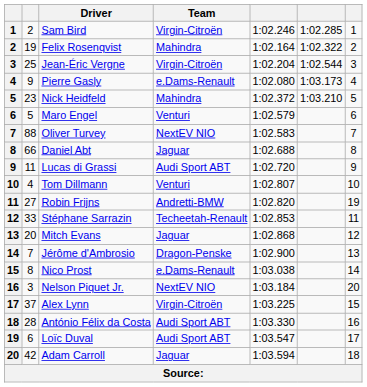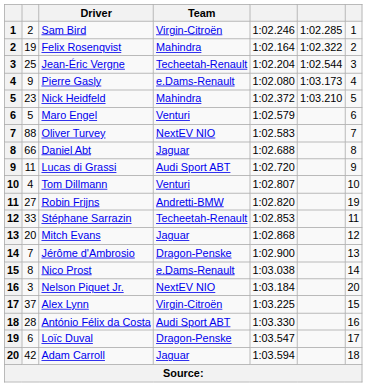 <table class="wikitable sortable" style="font-size: 85%">
 <tr>
 <th scope="col"></th>
 <th scope="col"></th>
 <th scope="col">Driver</th>
 <th scope="col">Team</th>
 <th scope="col"></th>
 <th scope="col"></th>
 <th scope="col"></th>
 </tr>
 <tr>
 <th scope="row">1</th>
 <td align="center">2</td>
 <td data-sort-value="BIR"> <a href='#'>Sam Bird</a></td>
 <td><a href='#'>Virgin-Citroën</a></td>
 <td>1:02.246</td>
 <td>1:02.285</td>
 <td align="center">1</td>
 </tr>
 <tr>
 <th scope="row">2</th>
 <td align="center">19</td>
 <td data-sort-value="ROS"> <a href='#'>Felix Rosenqvist</a></td>
 <td><a href='#'>Mahindra</a></td>
 <td>1:02.164</td>
 <td>1:02.322</td>
 <td align="center">2</td>
 </tr>
 <tr>
 <th scope="row">3</th>
 <td align="center">25</td>
 <td data-sort-value="VER"> <a href='#'>Jean-Éric Vergne</a></td>
-<td><a href='#'>Virgin-Citroën</a></td>
+<td><a href='#'>Techeetah-Renault</a></td>
 <td>1:02.204</td>
 <td>1:02.544</td>
 <td align="center">3</td>
 </tr>
 <tr>
 <th scope="row">4</th>
 <td align="center">9</td>
 <td data-sort-value="GAS"> <a href='#'>Pierre Gasly</a></td>
 <td><a href='#'>e.Dams-Renault</a></td>
 <td>1:02.080</td>
 <td>1:03.173</td>
 <td align="center">4</td>
 </tr>
 <tr>
 <th scope="row">5</th>
 <td align="center">23</td>
 <td data-sort-value="HEI"> <a href='#'>Nick Heidfeld</a></td>
 <td><a href='#'>Mahindra</a></td>
 <td>1:02.372</td>
 <td>1:03.210</td>
 <td align="center">5</td>
 </tr>
 <tr>
 <th scope="row">6</th>
 <td align="center">5</td>
 <td data-sort-value="ENG"> <a href='#'>Maro Engel</a></td>
 <td><a href='#'>Venturi</a></td>
 <td>1:02.579</td>
 <td></td>
 <td align="center">6</td>
 </tr>
 <tr>
 <th scope="row">7</th>
 <td align="center">88</td>
 <td data-sort-value="TUR"> <a href='#'>Oliver Turvey</a></td>
 <td><a href='#'>NextEV NIO</a></td>
 <td>1:02.583</td>
 <td></td>
 <td align="center">7</td>
 </tr>
 <tr>
 <th scope="row">8</th>
 <td align="center">66</td>
 <td data-sort-value="ABT"> <a href='#'>Daniel Abt</a></td>
 <td><a href='#'>Jaguar</a></td>
 <td>1:02.688</td>
 <td></td>
 <td align="center">8</td>
 </tr>
 <tr>
 <th scope="row">9</th>
 <td align="center">11</td>
 <td data-sort-value="DIG"> <a href='#'>Lucas di Grassi</a></td>
 <td><a href='#'>Audi Sport ABT</a></td>
 <td>1:02.720</td>
 <td></td>
 <td align="center">9</td>
 </tr>
 <tr>
 <th scope="row">10</th>
 <td align="center">4</td>
 <td data-sort-value="DIL"> <a href='#'>Tom Dillmann</a></td>
 <td><a href='#'>Venturi</a></td>
 <td>1:02.807</td>
 <td></td>
 <td align="center">10</td>
 </tr>
 <tr>
 <th scope="row">11</th>
 <td align="center">27</td>
 <td data-sort-value="FRI"> <a href='#'>Robin Frijns</a></td>
 <td><a href='#'>Andretti-BMW</a></td>
 <td>1:02.820</td>
 <td></td>
 <td align="center">19</td>
 </tr>
 <tr>
 <th scope="row">12</th>
 <td align="center">33</td>
 <td data-sort-value="SAR"> <a href='#'>Stéphane Sarrazin</a></td>
 <td><a href='#'>Techeetah-Renault</a></td>
 <td>1:02.853</td>
 <td></td>
 <td align="center">11</td>
 </tr>
 <tr>
 <th scope="row">13</th>
 <td align="center">20</td>
 <td data-sort-value="EVA"> <a href='#'>Mitch Evans</a></td>
 <td><a href='#'>Jaguar</a></td>
 <td>1:02.868</td>
 <td></td>
 <td align="center">12</td>
 </tr>
 <tr>
 <th scope="row">14</th>
 <td align="center">7</td>
 <td data-sort-value="DAM"> <a href='#'>Jérôme d'Ambrosio</a></td>
 <td><a href='#'>Dragon-Penske</a></td>
 <td>1:02.900</td>
 <td></td>
 <td align="center">13</td>
 </tr>
 <tr>
 <th scope="row">15</th>
 <td align="center">8</td>
 <td data-sort-value="PRO"> <a href='#'>Nico Prost</a></td>
 <td><a href='#'>e.Dams-Renault</a></td>
 <td>1:03.038</td>
 <td></td>
 <td align="center">14</td>
 </tr>
 <tr>
 <th scope="row">16</th>
 <td align="center">3</td>
 <td data-sort-value="PIQ"> <a href='#'>Nelson Piquet Jr.</a></td>
 <td><a href='#'>NextEV NIO</a></td>
 <td>1:03.184</td>
 <td></td>
 <td align="center">20</td>
 </tr>
 <tr>
 <th scope="row">17</th>
 <td align="center">37</td>
 <td data-sort-value="LYN"> <a href='#'>Alex Lynn</a></td>
 <td><a href='#'>Virgin-Citroën</a></td>
 <td>1:03.225</td>
 <td></td>
 <td align="center">15</td>
 </tr>
 <tr>
 <th scope="row">18</th>
 <td align="center">28</td>
 <td data-sort-value="FDC"> <a href='#'>António Félix da Costa</a></td>
 <td><a href='#'>Audi Sport ABT</a></td>
 <td>1:03.330</td>
 <td></td>
 <td align="center">16</td>
 </tr>
 <tr>
 <th scope="row">19</th>
 <td align="center">6</td>
 <td data-sort-value="DUV"> <a href='#'>Loïc Duval</a></td>
-<td><a href='#'>Audi Sport ABT</a></td>
+<td><a href='#'>Dragon-Penske</a></td>
 <td>1:03.547</td>
 <td></td>
 <td align="center">17</td>
 </tr>
 <tr>
 <th scope="row">20</th>
 <td align="center">42</td>
 <td data-sort-value="CAR"> <a href='#'>Adam Carroll</a></td>
 <td><a href='#'>Jaguar</a></td>
 <td>1:03.594</td>
 <td></td>
 <td align="center">18</td>
 </tr>
 <tr>
 <th colspan="7">Source:</th>
 </tr>
 </table>
